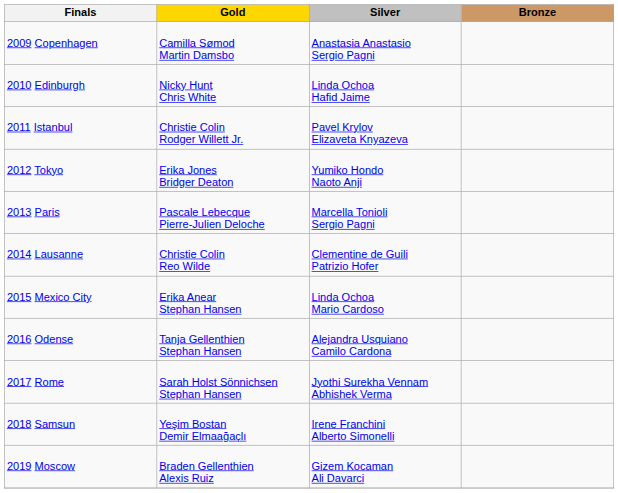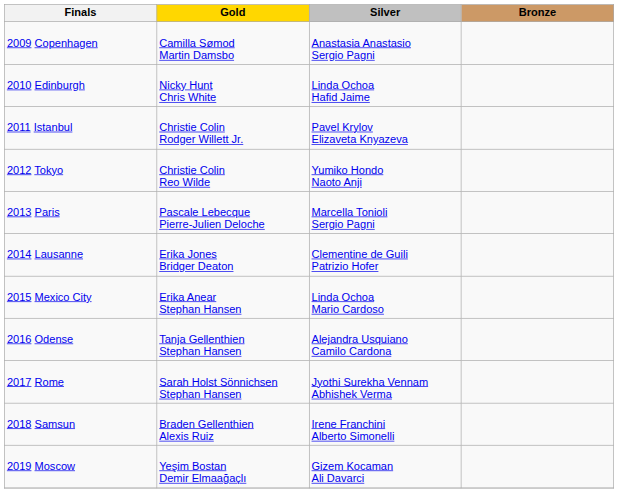 <table class="wikitable" style="width:100%">
 <tr>
 <th style="width:25%;">Finals</th>
 <th style="width:25%; background:gold">Gold</th>
 <th style="width:25%; background:silver">Silver</th>
 <th style="width:25%; background:#cc9966">Bronze</th>
 </tr>
 <tr>
 <td> <a href='#'>2009</a> <a href='#'>Copenhagen</a></td>
 <td> <br> <a href='#'>Camilla Sømod</a> <br> <a href='#'>Martin Damsbo</a></td>
 <td> <br> <a href='#'>Anastasia Anastasio</a> <br> <a href='#'>Sergio Pagni</a></td>
 <td></td>
 </tr>
 <tr>
 <td> <a href='#'>2010</a> <a href='#'>Edinburgh</a></td>
 <td> <br> <a href='#'>Nicky Hunt</a> <br> <a href='#'>Chris White</a></td>
 <td> <br> <a href='#'>Linda Ochoa</a> <br> <a href='#'>Hafid Jaime</a></td>
 <td></td>
 </tr>
 <tr>
 <td> <a href='#'>2011</a> <a href='#'>Istanbul</a></td>
 <td> <br> <a href='#'>Christie Colin</a> <br> <a href='#'>Rodger Willett Jr.</a></td>
 <td> <br> <a href='#'>Pavel Krylov</a> <br> <a href='#'>Elizaveta Knyazeva</a></td>
 <td></td>
 </tr>
 <tr>
 <td> <a href='#'>2012</a> <a href='#'>Tokyo</a></td>
-<td> <br> <a href='#'>Erika Jones</a> <br> <a href='#'>Bridger Deaton</a></td>
+<td> <br> <a href='#'>Christie Colin</a> <br> <a href='#'>Reo Wilde</a></td>
 <td> <br> <a href='#'>Yumiko Hondo</a> <br> <a href='#'>Naoto Anji</a></td>
 <td></td>
 </tr>
 <tr>
 <td> <a href='#'>2013</a> <a href='#'>Paris</a></td>
 <td> <br> <a href='#'>Pascale Lebecque</a> <br> <a href='#'>Pierre-Julien Deloche</a></td>
 <td> <br> <a href='#'>Marcella Tonioli</a> <br> <a href='#'>Sergio Pagni</a></td>
 <td></td>
 </tr>
 <tr>
 <td> <a href='#'>2014</a> <a href='#'>Lausanne</a></td>
-<td> <br> <a href='#'>Christie Colin</a> <br> <a href='#'>Reo Wilde</a></td>
+<td> <br> <a href='#'>Erika Jones</a> <br> <a href='#'>Bridger Deaton</a></td>
 <td> <br> <a href='#'>Clementine de Guili</a> <br> <a href='#'>Patrizio Hofer</a></td>
 <td></td>
 </tr>
 <tr>
 <td> <a href='#'>2015</a> <a href='#'>Mexico City</a></td>
 <td> <br> <a href='#'>Erika Anear</a> <br> <a href='#'>Stephan Hansen</a></td>
 <td> <br> <a href='#'>Linda Ochoa</a> <br> <a href='#'>Mario Cardoso</a></td>
 <td></td>
 </tr>
 <tr>
 <td> <a href='#'>2016</a> <a href='#'>Odense</a></td>
 <td> <br> <a href='#'>Tanja Gellenthien</a> <br> <a href='#'>Stephan Hansen</a></td>
 <td> <br> <a href='#'>Alejandra Usquiano</a> <br> <a href='#'>Camilo Cardona</a></td>
 <td></td>
 </tr>
 <tr>
 <td> <a href='#'>2017</a> <a href='#'>Rome</a></td>
 <td> <br> <a href='#'>Sarah Holst Sönnichsen</a> <br> <a href='#'>Stephan Hansen</a></td>
 <td> <br> <a href='#'>Jyothi Surekha Vennam</a> <br> <a href='#'>Abhishek Verma</a></td>
 <td></td>
 </tr>
 <tr>
 <td> <a href='#'>2018</a> <a href='#'>Samsun</a></td>
-<td> <br> <a href='#'>Yeşim Bostan</a> <br> <a href='#'>Demir Elmaağaçlı</a></td>
+<td> <br> <a href='#'>Braden Gellenthien</a> <br> <a href='#'>Alexis Ruiz</a></td>
 <td> <br> <a href='#'>Irene Franchini</a> <br> <a href='#'>Alberto Simonelli</a></td>
 <td></td>
 </tr>
 <tr>
 <td> <a href='#'>2019</a> <a href='#'>Moscow</a></td>
-<td> <br> <a href='#'>Braden Gellenthien</a> <br> <a href='#'>Alexis Ruiz</a></td>
+<td> <br> <a href='#'>Yeşim Bostan</a> <br> <a href='#'>Demir Elmaağaçlı</a></td>
 <td> <br> <a href='#'>Gizem Kocaman</a> <br> <a href='#'>Ali Davarci</a></td>
 <td></td>
 </tr>
 <tr>
 </tr>
 </table>
